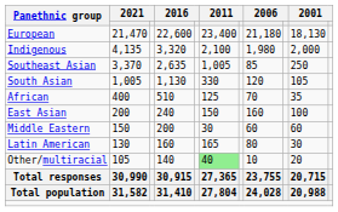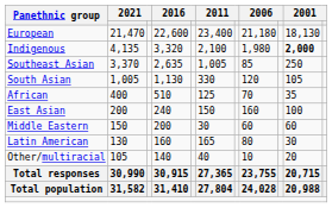 <table class="wikitable collapsible sortable">
 <tr>
 <th rowspan="2"><a href='#'>Panethnic</a> group</th>
 <th colspan="2">2021</th>
 <th colspan="2">2016</th>
 <th colspan="2">2011</th>
 <th colspan="2">2006</th>
 <th colspan="2">2001</th>
 </tr>
 <tr>
 <th><a href='#'></a></th>
 <th></th>
 <th></th>
 <th></th>
 <th></th>
 <th></th>
 <th></th>
 <th></th>
 <th></th>
 <th></th>
 </tr>
 <tr>
 <td><a href='#'>European</a></td>
 <td>21,470</td>
 <td></td>
 <td>22,600</td>
 <td></td>
 <td>23,400</td>
 <td></td>
 <td>21,180</td>
 <td></td>
 <td>18,130</td>
 <td></td>
 </tr>
 <tr>
 <td><a href='#'>Indigenous</a></td>
 <td>4,135</td>
 <td></td>
 <td>3,320</td>
 <td></td>
 <td>2,100</td>
 <td></td>
 <td>1,980</td>
 <td></td>
-<td>2,000</td>
+<td><strong>2,000</strong></td>
 <td></td>
 </tr>
 <tr>
 <td><a href='#'>Southeast Asian</a></td>
 <td>3,370</td>
 <td></td>
 <td>2,635</td>
 <td></td>
 <td>1,005</td>
 <td></td>
 <td>85</td>
 <td></td>
 <td>250</td>
 <td></td>
 </tr>
 <tr>
 <td><a href='#'>South Asian</a></td>
 <td>1,005</td>
 <td></td>
 <td>1,130</td>
 <td></td>
 <td>330</td>
 <td></td>
 <td>120</td>
 <td></td>
 <td>105</td>
 <td></td>
 </tr>
 <tr>
 <td><a href='#'>African</a></td>
 <td>400</td>
 <td></td>
 <td>510</td>
 <td></td>
 <td>125</td>
 <td></td>
 <td>70</td>
 <td></td>
 <td>35</td>
 <td></td>
 </tr>
 <tr>
 <td><a href='#'>East Asian</a></td>
 <td>200</td>
 <td></td>
 <td>240</td>
 <td></td>
 <td>150</td>
 <td></td>
 <td>160</td>
 <td></td>
 <td>100</td>
 <td></td>
 </tr>
 <tr>
 <td><a href='#'>Middle Eastern</a></td>
 <td>150</td>
 <td></td>
 <td>200</td>
 <td></td>
 <td>30</td>
 <td></td>
 <td>60</td>
 <td></td>
 <td>60</td>
 <td></td>
 </tr>
 <tr>
 <td><a href='#'>Latin American</a></td>
 <td>130</td>
 <td></td>
 <td>160</td>
 <td></td>
 <td>165</td>
 <td></td>
 <td>80</td>
 <td></td>
 <td>30</td>
 <td></td>
 </tr>
 <tr>
 <td>Other/<a href='#'>multiracial</a></td>
 <td>105</td>
 <td></td>
 <td>140</td>
 <td></td>
-<td style="background: lightgreen;">40</td>
+<td>40</td>
 <td></td>
 <td>10</td>
 <td></td>
 <td>20</td>
 <td></td>
 </tr>
 <tr>
 <th>Total responses</th>
 <th>30,990</th>
 <th></th>
 <th>30,915</th>
 <th></th>
 <th>27,365</th>
 <th></th>
 <th>23,755</th>
 <th></th>
 <th>20,715</th>
 <th></th>
 </tr>
 <tr class="sortbottom">
 <th>Total population</th>
 <th>31,582</th>
 <th></th>
 <th>31,410</th>
 <th></th>
 <th>27,804</th>
 <th></th>
 <th>24,028</th>
 <th></th>
 <th>20,988</th>
 <th></th>
 </tr>
 <tr class="sortbottom">
 <td colspan="11"></td>
 </tr>
 </table>
